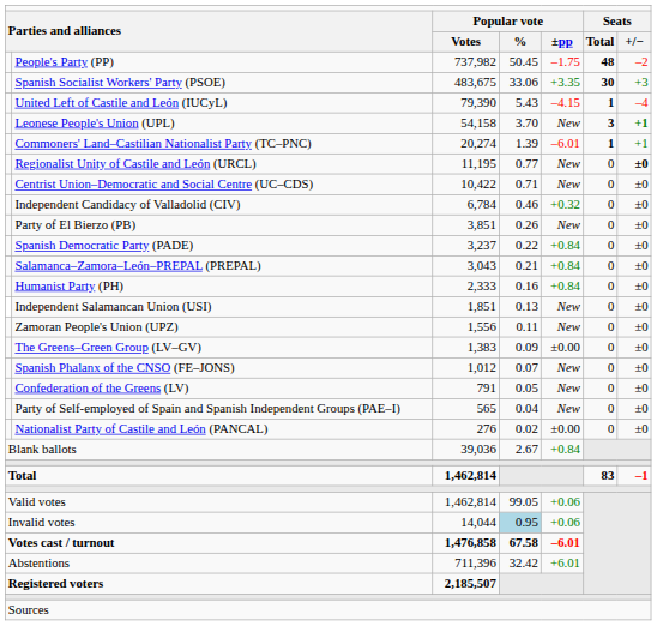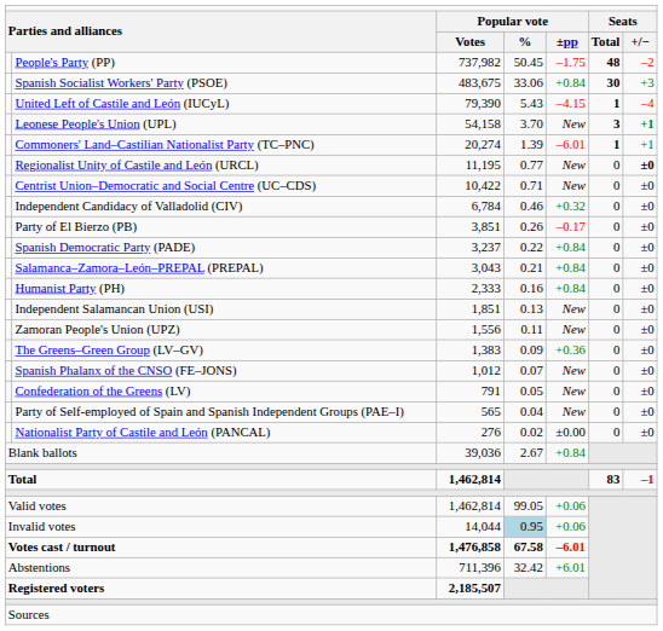 <table class="wikitable" style="text-align:right;">
 <tr>
 <td colspan="7"></td>
 </tr>
 <tr>
 <th style="text-align:left;" rowspan="2" colspan="2" width="525">Parties and alliances</th>
 <th colspan="3">Popular vote</th>
 <th colspan="2">Seats</th>
 </tr>
 <tr>
 <th width="75">Votes</th>
 <th width="45">%</th>
 <th width="45">±<a href='#'>pp</a></th>
 <th width="35">Total</th>
 <th width="35">+/−</th>
 </tr>
 <tr>
 <td width="1" style="color:inherit;background:"></td>
 <td align="left"><a href='#'>People's Party</a> (PP)</td>
 <td>737,982</td>
 <td>50.45</td>
 <td style="color:red;">–1.75</td>
 <td><strong>48</strong></td>
 <td style="color:red;">–2</td>
 </tr>
 <tr>
 <td style="color:inherit;background:"></td>
 <td align="left"><a href='#'>Spanish Socialist Workers' Party</a> (PSOE)</td>
 <td>483,675</td>
 <td>33.06</td>
-<td style="color:green;">+3.35</td>
+<td style="color:green;">+0.84</td>
 <td><strong>30</strong></td>
 <td style="color:green;">+3</td>
 </tr>
 <tr>
 <td style="color:inherit;background:"></td>
 <td align="left"><a href='#'>United Left of Castile and León</a> (IUCyL)</td>
 <td>79,390</td>
 <td>5.43</td>
 <td style="color:red;">–4.15</td>
 <td><strong>1</strong></td>
 <td style="color:red;">–4</td>
 </tr>
 <tr>
 <td style="color:inherit;background:"></td>
 <td align="left"><a href='#'>Leonese People's Union</a> (UPL)</td>
 <td>54,158</td>
 <td>3.70</td>
 <td><em>New</em></td>
 <td><strong>3</strong></td>
 <td style="color:green;"><strong>+1</strong></td>
 </tr>
 <tr>
 <td style="color:inherit;background:"></td>
 <td align="left"><a href='#'>Commoners' Land–Castilian Nationalist Party</a> (TC–PNC)</td>
 <td>20,274</td>
 <td>1.39</td>
 <td style="color:red;">–6.01</td>
 <td><strong>1</strong></td>
 <td style="color:green;">+1</td>
 </tr>
 <tr>
 <td style="color:inherit;background:"></td>
 <td align="left"><a href='#'>Regionalist Unity of Castile and León</a> (URCL)</td>
 <td>11,195</td>
 <td>0.77</td>
 <td><em>New</em></td>
 <td>0</td>
 <td><strong>±0</strong></td>
 </tr>
 <tr>
 <td style="color:inherit;background:"></td>
 <td align="left"><a href='#'>Centrist Union–Democratic and Social Centre</a> (UC–CDS)</td>
 <td>10,422</td>
 <td>0.71</td>
 <td><em>New</em></td>
 <td>0</td>
 <td>±0</td>
 </tr>
 <tr>
 <td style="color:inherit;background:"></td>
 <td align="left">Independent Candidacy of Valladolid (CIV)</td>
 <td>6,784</td>
 <td>0.46</td>
 <td style="color:green;">+0.32</td>
 <td>0</td>
 <td>±0</td>
 </tr>
 <tr>
 <td style="color:inherit;background:"></td>
 <td align="left">Party of El Bierzo (PB)</td>
 <td>3,851</td>
 <td>0.26</td>
-<td><em>New</em></td>
+<td style="color:red;">–0.17</td>
 <td>0</td>
 <td>±0</td>
 </tr>
 <tr>
 <td style="color:inherit;background:"></td>
 <td align="left"><a href='#'>Spanish Democratic Party</a> (PADE)</td>
 <td>3,237</td>
 <td>0.22</td>
 <td style="color:green;">+0.84</td>
 <td>0</td>
 <td>±0</td>
 </tr>
 <tr>
 <td style="color:inherit;background:"></td>
 <td align="left"><a href='#'>Salamanca–Zamora–León–PREPAL</a> (PREPAL)</td>
 <td>3,043</td>
 <td>0.21</td>
 <td style="color:green;">+0.84</td>
 <td>0</td>
 <td>±0</td>
 </tr>
 <tr>
 <td style="color:inherit;background:"></td>
 <td align="left"><a href='#'>Humanist Party</a> (PH)</td>
 <td>2,333</td>
 <td>0.16</td>
 <td style="color:green;">+0.84</td>
 <td>0</td>
 <td>±0</td>
 </tr>
 <tr>
 <td bgcolor="white"></td>
 <td align="left">Independent Salamancan Union (USI)</td>
 <td>1,851</td>
 <td>0.13</td>
 <td><em>New</em></td>
 <td>0</td>
 <td>±0</td>
 </tr>
 <tr>
 <td style="color:inherit;background:"></td>
 <td align="left">Zamoran People's Union (UPZ)</td>
 <td>1,556</td>
 <td>0.11</td>
 <td><em>New</em></td>
 <td>0</td>
 <td>±0</td>
 </tr>
 <tr>
 <td style="color:inherit;background:"></td>
 <td align="left"><a href='#'>The Greens–Green Group</a> (LV–GV)</td>
 <td>1,383</td>
 <td>0.09</td>
-<td>±0.00</td>
+<td style="color:green;">+0.36</td>
 <td>0</td>
 <td>±0</td>
 </tr>
 <tr>
 <td style="color:inherit;background:"></td>
 <td align="left"><a href='#'>Spanish Phalanx of the CNSO</a> (FE–JONS)</td>
 <td>1,012</td>
 <td>0.07</td>
 <td><em>New</em></td>
 <td>0</td>
 <td>±0</td>
 </tr>
 <tr>
 <td style="color:inherit;background:"></td>
 <td align="left"><a href='#'>Confederation of the Greens</a> (LV)</td>
 <td>791</td>
 <td>0.05</td>
 <td><em>New</em></td>
 <td>0</td>
 <td>±0</td>
 </tr>
 <tr>
 <td style="color:inherit;background:"></td>
 <td align="left">Party of Self-employed of Spain and Spanish Independent Groups (PAE–I)</td>
 <td>565</td>
 <td>0.04</td>
 <td><em>New</em></td>
 <td>0</td>
 <td>±0</td>
 </tr>
 <tr>
 <td style="color:inherit;background:"></td>
 <td align="left"><a href='#'>Nationalist Party of Castile and León</a> (PANCAL)</td>
 <td>276</td>
 <td>0.02</td>
 <td>±0.00</td>
 <td>0</td>
 <td>±0</td>
 </tr>
 <tr>
 <td align="left" colspan="2">Blank ballots</td>
 <td>39,036</td>
 <td>2.67</td>
 <td style="color:green;">+0.84</td>
 <td bgcolor="#E9E9E9" colspan="2"></td>
 </tr>
 <tr>
 <td colspan="7" bgcolor="#E9E9E9"></td>
 </tr>
 <tr style="font-weight:bold;">
 <td align="left" colspan="2">Total</td>
 <td>1,462,814</td>
 <td bgcolor="#E9E9E9" colspan="2"></td>
 <td>83</td>
 <td style="color:red;">–1</td>
 </tr>
 <tr>
 <td colspan="7" bgcolor="#E9E9E9"></td>
 </tr>
 <tr>
 <td align="left" colspan="2">Valid votes</td>
 <td>1,462,814</td>
 <td>99.05</td>
 <td style="color:green;">+0.06</td>
 <td bgcolor="#E9E9E9" colspan="2" rowspan="5"></td>
 </tr>
 <tr>
 <td align="left" colspan="2">Invalid votes</td>
 <td>14,044</td>
 <td style="background: lightblue;">0.95</td>
 <td style="color:green;">+0.06</td>
 </tr>
 <tr style="font-weight:bold;">
 <td align="left" colspan="2">Votes cast / turnout</td>
 <td>1,476,858</td>
 <td>67.58</td>
 <td style="color:red;">–6.01</td>
 </tr>
 <tr>
 <td align="left" colspan="2">Abstentions</td>
 <td>711,396</td>
 <td>32.42</td>
 <td style="color:green;">+6.01</td>
 </tr>
 <tr style="font-weight:bold;">
 <td align="left" colspan="2">Registered voters</td>
 <td>2,185,507</td>
 <td bgcolor="#E9E9E9" colspan="2"></td>
 </tr>
 <tr>
 <td colspan="7" bgcolor="#E9E9E9"></td>
 </tr>
 <tr>
 <td align="left" colspan="7">Sources</td>
 </tr>
 </table>
